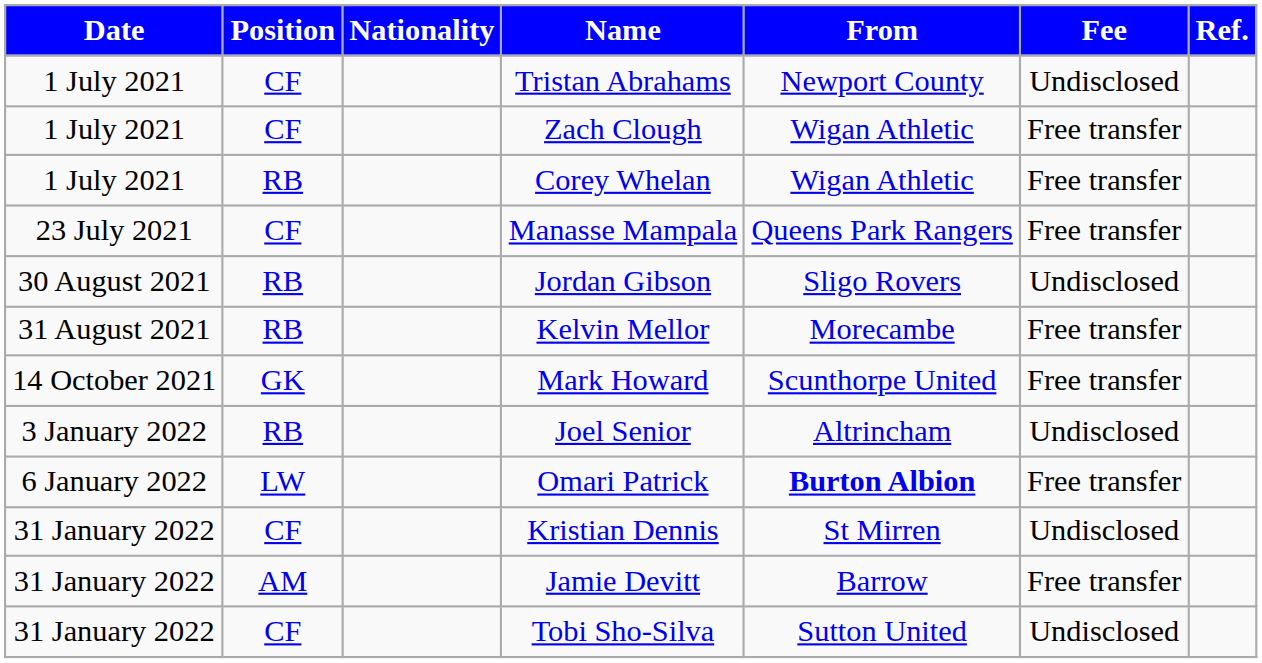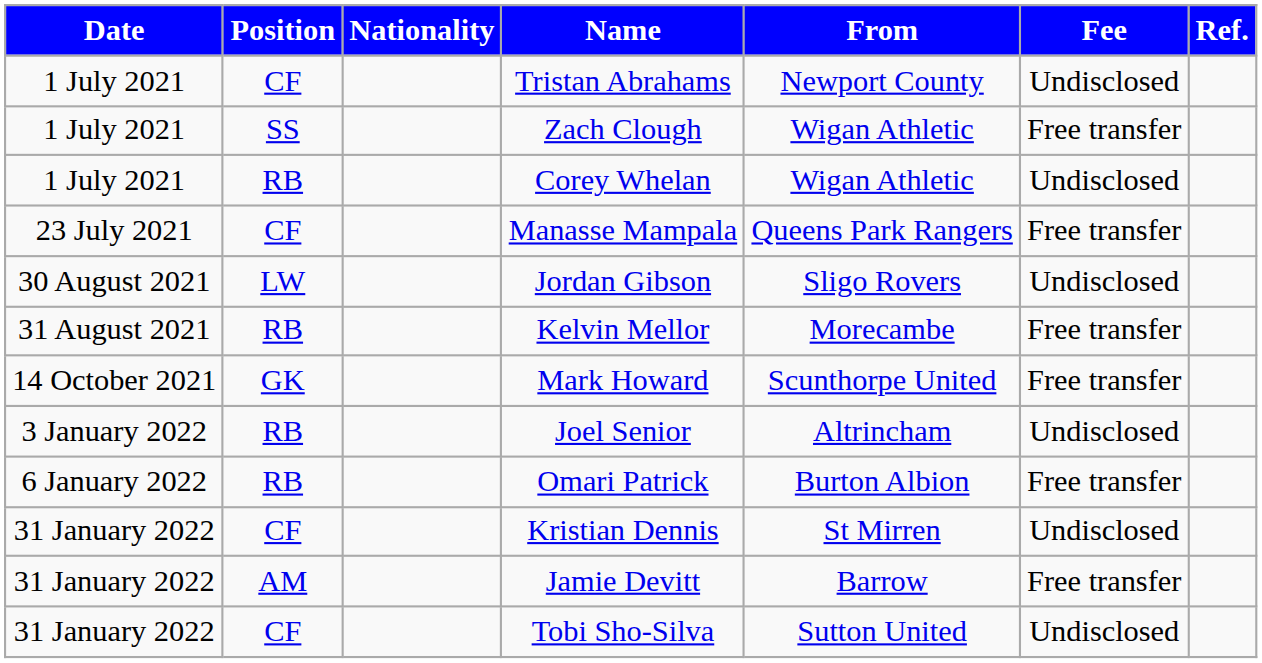 <table class="wikitable"  style="text-align:center; font-size:90%; ">
 <tr>
 <th style="background:#0000FF;color:white;">Date</th>
 <th style="background:#0000FF;color:white;">Position</th>
 <th style="background:#0000FF;color:white;">Nationality</th>
 <th style="background:#0000FF;color:white;">Name</th>
 <th style="background:#0000FF;color:white;">From</th>
 <th style="background:#0000FF;color:white;">Fee</th>
 <th style="background:#0000FF;color:white;">Ref.</th>
 </tr>
 <tr>
 <td>1 July 2021</td>
 <td><a href='#'>CF</a></td>
 <td></td>
 <td><a href='#'>Tristan Abrahams</a></td>
 <td> <a href='#'>Newport County</a></td>
 <td>Undisclosed</td>
 <td></td>
 </tr>
 <tr>
 <td>1 July 2021</td>
-<td><a href='#'>CF</a></td>
+<td><a href='#'>SS</a></td>
 <td></td>
 <td><a href='#'>Zach Clough</a></td>
 <td> <a href='#'>Wigan Athletic</a></td>
 <td>Free transfer</td>
 <td></td>
 </tr>
 <tr>
 <td>1 July 2021</td>
 <td><a href='#'>RB</a></td>
 <td></td>
 <td><a href='#'>Corey Whelan</a></td>
 <td> <a href='#'>Wigan Athletic</a></td>
-<td>Free transfer</td>
+<td>Undisclosed</td>
 <td></td>
 </tr>
 <tr>
 <td>23 July 2021</td>
 <td><a href='#'>CF</a></td>
 <td></td>
 <td><a href='#'>Manasse Mampala</a></td>
 <td> <a href='#'>Queens Park Rangers</a></td>
 <td>Free transfer</td>
 <td></td>
 </tr>
 <tr>
 <td>30 August 2021</td>
-<td><a href='#'>RB</a></td>
+<td><a href='#'>LW</a></td>
 <td></td>
 <td><a href='#'>Jordan Gibson</a></td>
 <td> <a href='#'>Sligo Rovers</a></td>
 <td>Undisclosed</td>
 <td></td>
 </tr>
 <tr>
 <td>31 August 2021</td>
 <td><a href='#'>RB</a></td>
 <td></td>
 <td><a href='#'>Kelvin Mellor</a></td>
 <td> <a href='#'>Morecambe</a></td>
 <td>Free transfer</td>
 <td></td>
 </tr>
 <tr>
 <td>14 October 2021</td>
 <td><a href='#'>GK</a></td>
 <td></td>
 <td><a href='#'>Mark Howard</a></td>
 <td> <a href='#'>Scunthorpe United</a></td>
 <td>Free transfer</td>
 <td></td>
 </tr>
 <tr>
 <td>3 January 2022</td>
 <td><a href='#'>RB</a></td>
 <td></td>
 <td><a href='#'>Joel Senior</a></td>
 <td> <a href='#'>Altrincham</a></td>
 <td>Undisclosed</td>
 <td></td>
 </tr>
 <tr>
 <td>6 January 2022</td>
-<td><a href='#'>LW</a></td>
+<td><a href='#'>RB</a></td>
 <td></td>
 <td><a href='#'>Omari Patrick</a></td>
-<td><strong> <a href='#'>Burton Albion</a></strong></td>
+<td> <a href='#'>Burton Albion</a></td>
 <td>Free transfer</td>
 <td></td>
 </tr>
 <tr>
 <td>31 January 2022</td>
 <td><a href='#'>CF</a></td>
 <td></td>
 <td><a href='#'>Kristian Dennis</a></td>
 <td> <a href='#'>St Mirren</a></td>
 <td>Undisclosed</td>
 <td></td>
 </tr>
 <tr>
 <td>31 January 2022</td>
 <td><a href='#'>AM</a></td>
 <td></td>
 <td><a href='#'>Jamie Devitt</a></td>
 <td> <a href='#'>Barrow</a></td>
 <td>Free transfer</td>
 <td></td>
 </tr>
 <tr>
 <td>31 January 2022</td>
 <td><a href='#'>CF</a></td>
 <td></td>
 <td><a href='#'>Tobi Sho-Silva</a></td>
 <td> <a href='#'>Sutton United</a></td>
 <td>Undisclosed</td>
 <td></td>
 </tr>
 </table>
